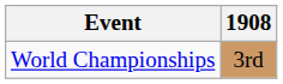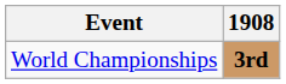 <table class="wikitable">
 <tr>
 <th>Event</th>
 <th>1908</th>
 </tr>
 <tr>
 <td><a href='#'>World Championships</a></td>
-<td align="center" bgcolor="cc9966">3rd</td>
+<td align="center" bgcolor="cc9966"><strong>3rd</strong></td>
 </tr>
 </table>
